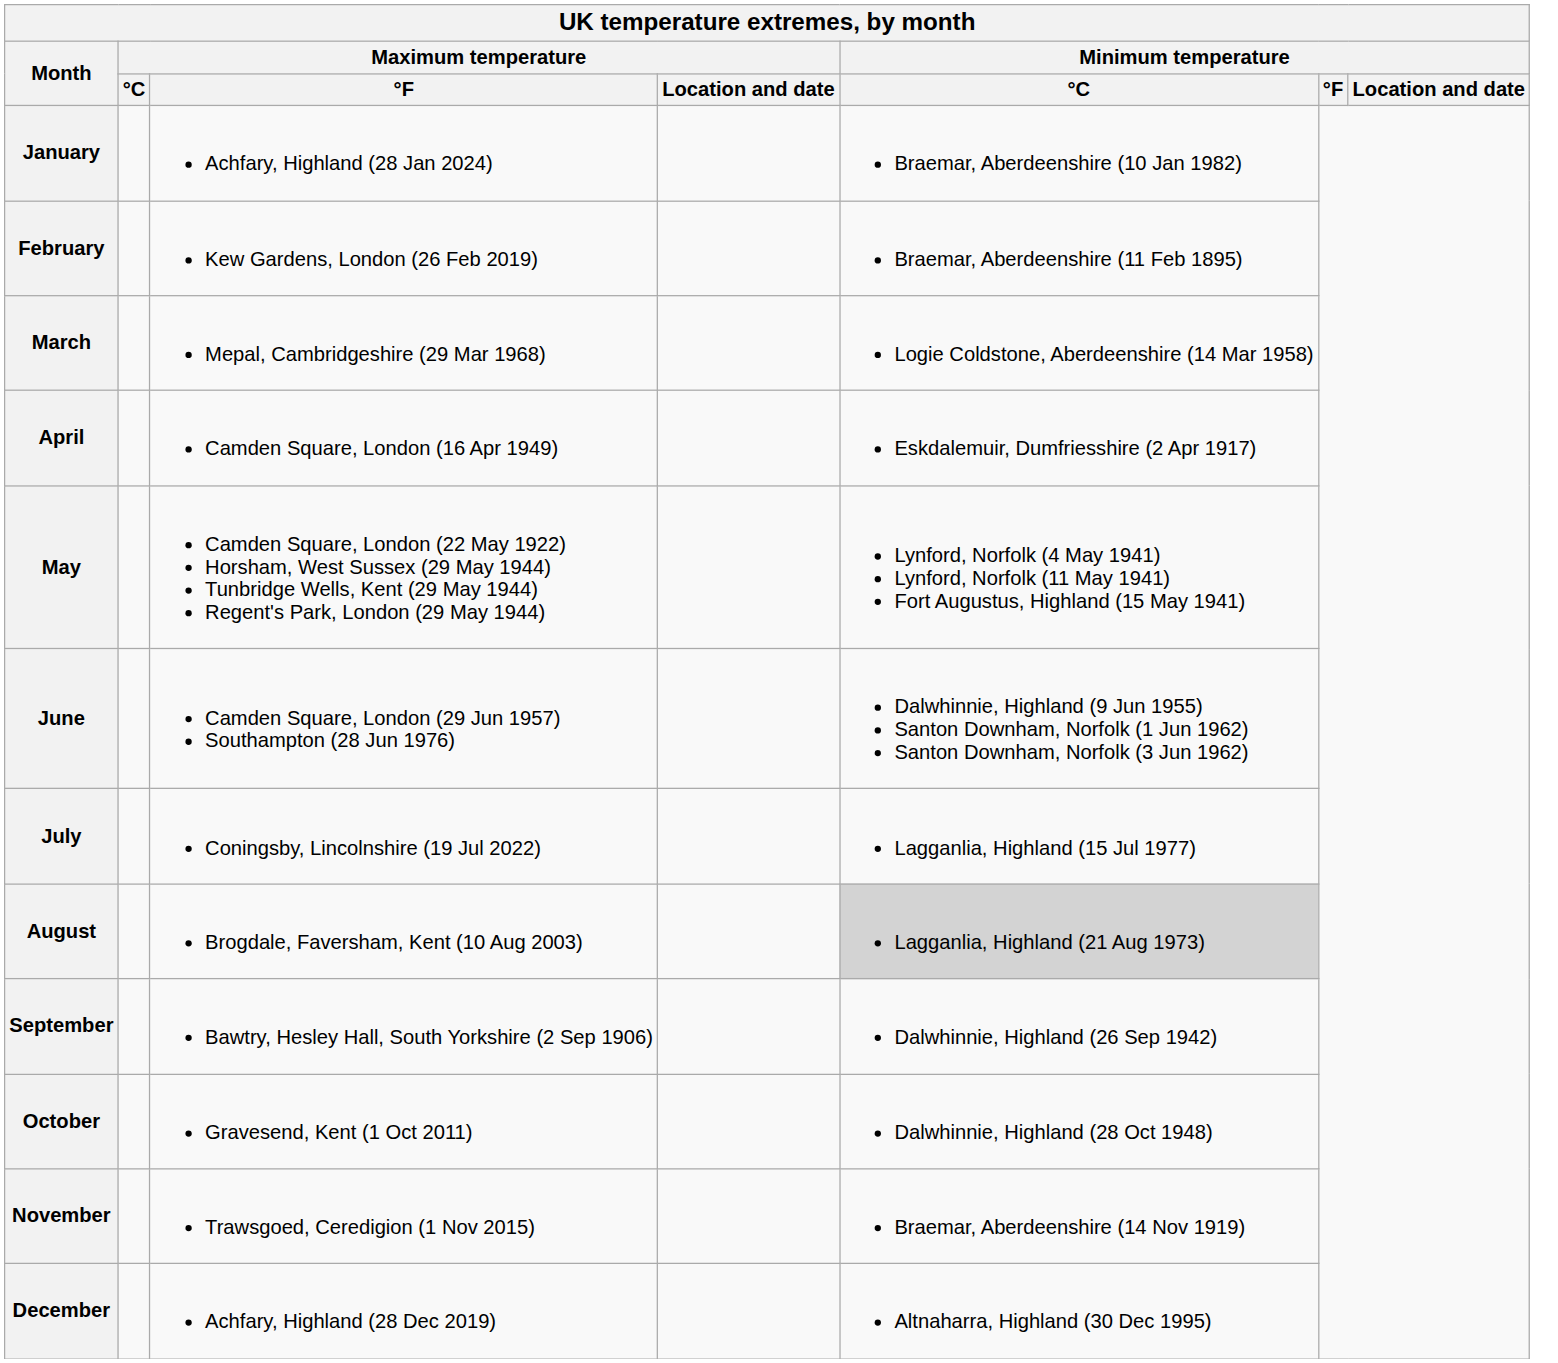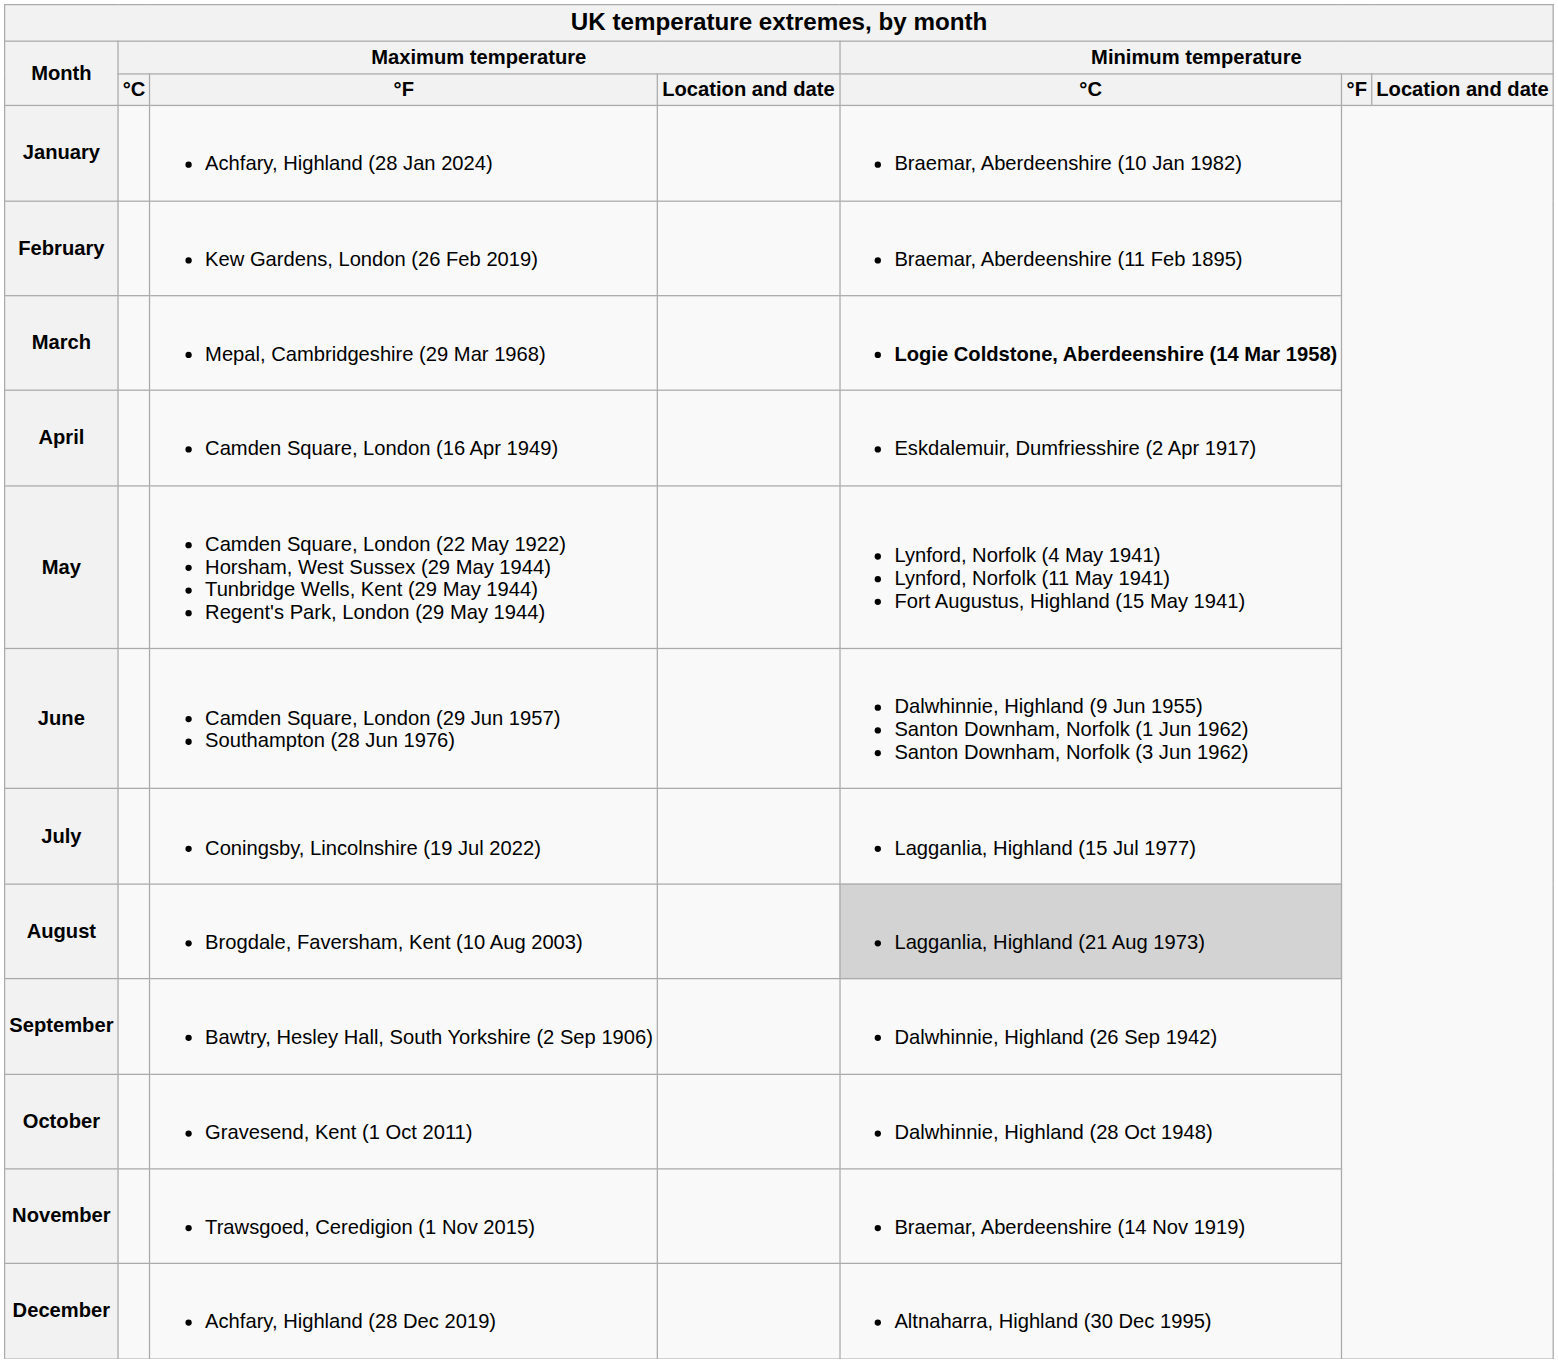 <table class=wikitable>
 <tr>
 <th colspan=7><big>UK temperature extremes, by month</big></th>
 </tr>
 <tr>
 <th rowspan=2>Month</th>
 <th colspan=3>Maximum temperature</th>
 <th colspan=3>Minimum temperature</th>
 </tr>
 <tr>
 <th>°C</th>
 <th>°F</th>
 <th>Location and date</th>
 <th>°C</th>
 <th>°F</th>
 <th>Location and date</th>
 </tr>
 <tr>
 <th>January</th>
 <td></td>
 <td><br><ul><li>Achfary, Highland (28 Jan 2024)</li></ul></td>
 <td></td>
 <td><br><ul><li>Braemar, Aberdeenshire (10 Jan 1982)</li></ul></td>
 </tr>
 <tr>
 <th>February</th>
 <td></td>
 <td><br><ul><li>Kew Gardens, London (26 Feb 2019)</li></ul></td>
 <td></td>
 <td><br><ul><li>Braemar, Aberdeenshire (11 Feb 1895)</li></ul></td>
 </tr>
 <tr>
 <th>March</th>
 <td></td>
 <td><br><ul><li>Mepal, Cambridgeshire (29 Mar 1968)</li></ul></td>
 <td></td>
-<td><br><ul><li>Logie Coldstone, Aberdeenshire (14 Mar 1958)</li></ul></td>
+<td><strong><br><ul><li>Logie Coldstone, Aberdeenshire (14 Mar 1958)</li></ul></strong></td>
 </tr>
 <tr>
 <th>April</th>
 <td></td>
 <td><br><ul><li>Camden Square, London (16 Apr 1949)</li></ul></td>
 <td></td>
 <td><br><ul><li>Eskdalemuir, Dumfriesshire (2 Apr 1917)</li></ul></td>
 </tr>
 <tr>
 <th>May</th>
 <td></td>
 <td><br><ul><li>Camden Square, London (22 May 1922)</li><li>Horsham, West Sussex (29 May 1944)</li><li>Tunbridge Wells, Kent (29 May 1944)</li><li>Regent's Park, London (29 May 1944)</li></ul></td>
 <td></td>
 <td><br><ul><li>Lynford, Norfolk (4 May 1941)</li><li>Lynford, Norfolk (11 May 1941)</li><li>Fort Augustus, Highland (15 May 1941)</li></ul></td>
 </tr>
 <tr>
 <th>June</th>
 <td></td>
 <td><br><ul><li>Camden Square, London (29 Jun 1957)</li><li>Southampton (28 Jun 1976)</li></ul></td>
 <td></td>
 <td><br><ul><li>Dalwhinnie, Highland (9 Jun 1955)</li><li>Santon Downham, Norfolk (1 Jun 1962)</li><li>Santon Downham, Norfolk (3 Jun 1962)</li></ul></td>
 </tr>
 <tr>
 <th>July</th>
 <td></td>
 <td><br><ul><li>Coningsby, Lincolnshire (19 Jul 2022)</li></ul></td>
 <td></td>
 <td><br><ul><li>Lagganlia, Highland (15 Jul 1977)</li></ul></td>
 </tr>
 <tr>
 <th>August</th>
 <td></td>
 <td><br><ul><li>Brogdale, Faversham, Kent (10 Aug 2003)</li></ul></td>
 <td></td>
 <td style="background: lightgrey;"><br><ul><li>Lagganlia, Highland (21 Aug 1973)</li></ul></td>
 </tr>
 <tr>
 <th>September</th>
 <td></td>
 <td><br><ul><li>Bawtry, Hesley Hall, South Yorkshire (2 Sep 1906)</li></ul></td>
 <td></td>
 <td><br><ul><li>Dalwhinnie, Highland (26 Sep 1942)</li></ul></td>
 </tr>
 <tr>
 <th>October</th>
 <td></td>
 <td><br><ul><li>Gravesend, Kent (1 Oct 2011)</li></ul></td>
 <td></td>
 <td><br><ul><li>Dalwhinnie, Highland (28 Oct 1948)</li></ul></td>
 </tr>
 <tr>
 <th>November</th>
 <td></td>
 <td><br><ul><li>Trawsgoed, Ceredigion (1 Nov 2015)</li></ul></td>
 <td></td>
 <td><br><ul><li>Braemar, Aberdeenshire (14 Nov 1919)</li></ul></td>
 </tr>
 <tr>
 <th>December</th>
 <td></td>
 <td><br><ul><li>Achfary, Highland (28 Dec 2019)</li></ul></td>
 <td></td>
 <td><br><ul><li>Altnaharra, Highland (30 Dec 1995)</li></ul></td>
 </tr>
 </table>
